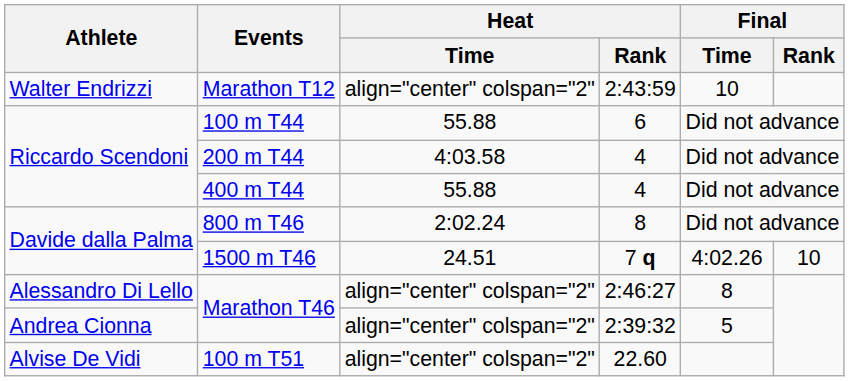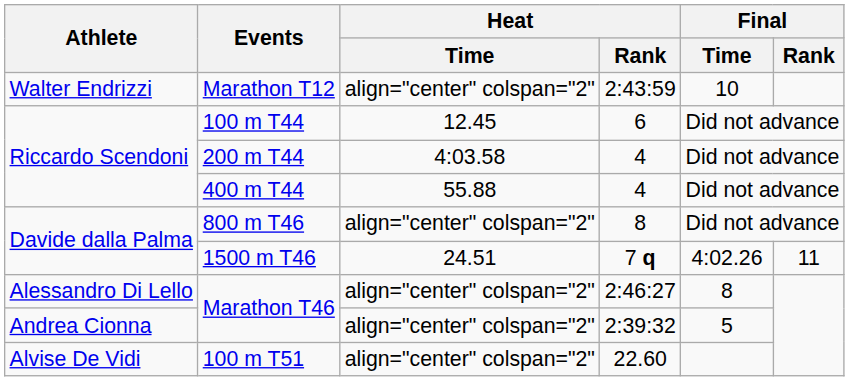 <table class=wikitable>
 <tr>
 <th rowspan="2">Athlete</th>
 <th rowspan="2">Events</th>
 <th colspan="2">Heat</th>
 <th colspan="2">Final</th>
 </tr>
 <tr>
 <th>Time</th>
 <th>Rank</th>
 <th>Time</th>
 <th>Rank</th>
 </tr>
 <tr>
 <td><a href='#'>Walter Endrizzi</a></td>
 <td><a href='#'>Marathon T12</a></td>
 <td>align="center" colspan="2" </td>
 <td align="center">2:43:59</td>
 <td align="center">10</td>
 </tr>
 <tr>
 <td rowspan=3><a href='#'>Riccardo Scendoni</a></td>
 <td><a href='#'>100 m T44</a></td>
-<td align="center">55.88</td>
+<td align="center">12.45</td>
 <td align="center">6</td>
 <td align="center" colspan="2">Did not advance</td>
 </tr>
 <tr>
 <td><a href='#'>200 m T44</a></td>
 <td align="center">4:03.58</td>
 <td align="center">4</td>
 <td align="center" colspan="2">Did not advance</td>
 </tr>
 <tr>
 <td><a href='#'>400 m T44</a></td>
 <td align="center">55.88</td>
 <td align="center">4</td>
 <td align="center" colspan="2">Did not advance</td>
 </tr>
 <tr>
 <td rowspan=2><a href='#'>Davide dalla Palma</a></td>
 <td><a href='#'>800 m T46</a></td>
-<td align="center">2:02.24</td>
+<td>align="center" colspan="2" </td>
 <td align="center">8</td>
 <td align="center" colspan="2">Did not advance</td>
 </tr>
 <tr>
 <td><a href='#'>1500 m T46</a></td>
 <td align="center">24.51</td>
 <td align="center">7 <strong>q</strong></td>
 <td align="center">4:02.26</td>
-<td align="center">10</td>
+<td align="center">11</td>
 </tr>
 <tr>
 <td><a href='#'>Alessandro Di Lello</a></td>
 <td rowspan="2"><a href='#'>Marathon T46</a></td>
 <td>align="center" colspan="2" </td>
 <td align="center">2:46:27</td>
 <td align="center">8</td>
 </tr>
 <tr>
 <td><a href='#'>Andrea Cionna</a></td>
 <td>align="center" colspan="2" </td>
 <td align="center">2:39:32</td>
 <td align="center">5</td>
 </tr>
 <tr>
 <td><a href='#'>Alvise De Vidi</a></td>
 <td><a href='#'>100 m T51</a></td>
 <td>align="center" colspan="2" </td>
 <td align="center">22.60</td>
 <td align="center"></td>
 </tr>
 </table>
